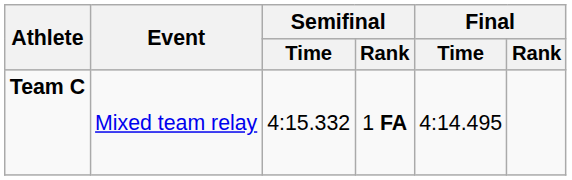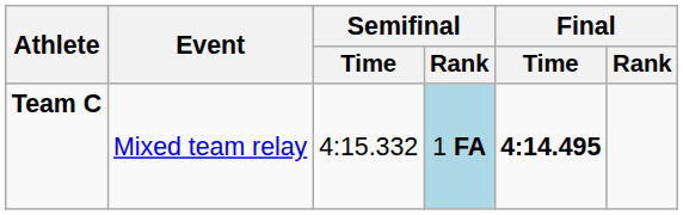 <table class="wikitable" style="font-size:90%">
 <tr>
 <th rowspan=2>Athlete</th>
 <th rowspan=2>Event</th>
 <th colspan=2>Semifinal</th>
 <th colspan=2>Final</th>
 </tr>
 <tr style="font-size:95%">
 <th>Time</th>
 <th>Rank</th>
 <th>Time</th>
 <th>Rank</th>
 </tr>
 <tr align=center>
 <td align=left><strong>Team C</strong><br><br><br><br></td>
 <td align=left><a href='#'>Mixed team relay</a></td>
 <td>4:15.332</td>
-<td>1 <strong>FA</strong></td>
-<td>4:14.495</td>
+<td style="background: lightblue;">1 <strong>FA</strong></td>
+<td><strong>4:14.495</strong></td>
 <td></td>
 </tr>
 </table>
